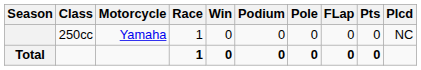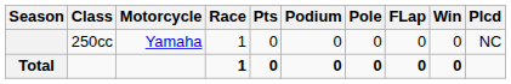 <table class="wikitable">
 <tr>
 <th>Season</th>
 <th>Class</th>
 <th>Motorcycle</th>
 <th>Race</th>
-<th>Win</th>
+<th>Pts</th>
 <th>Podium</th>
 <th>Pole</th>
 <th>FLap</th>
-<th>Pts</th>
+<th>Win</th>
 <th>Plcd</th>
 </tr>
 <tr align="right">
 <th></th>
 <td>250cc</td>
 <td><a href='#'>Yamaha</a></td>
 <td>1</td>
 <td>0</td>
 <td>0</td>
 <td>0</td>
 <td>0</td>
 <td>0</td>
 <td>NC</td>
 </tr>
 <tr align="right">
 <th>Total</th>
 <td></td>
 <td></td>
 <td><strong>1</strong></td>
 <td><strong>0</strong></td>
 <td><strong>0</strong></td>
 <td><strong>0</strong></td>
 <td><strong>0</strong></td>
 <td><strong>0</strong></td>
 <td></td>
 </tr>
 </table>
